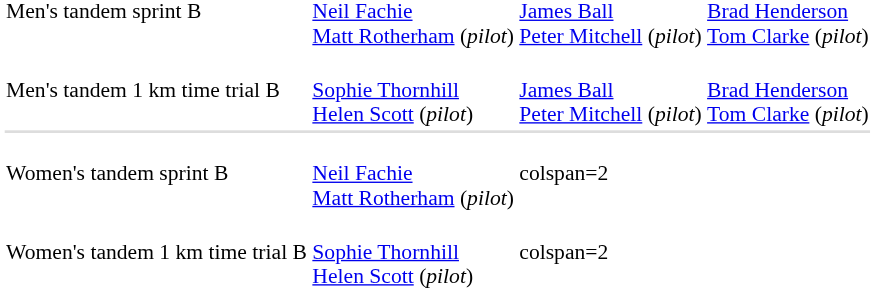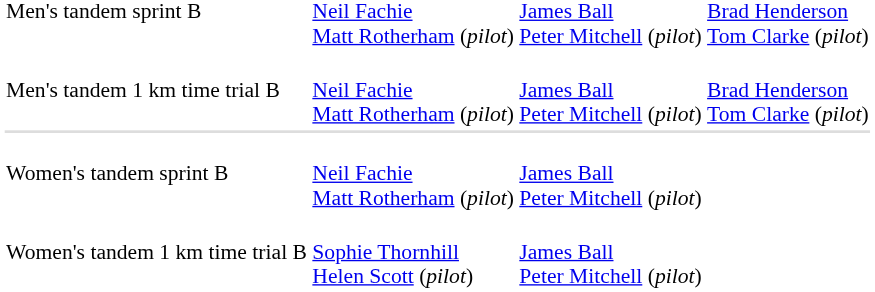 <table>
 <tr>
 <td>Men's tandem sprint B<br></td>
 <td><br><a href='#'>Neil Fachie</a><br><a href='#'>Matt Rotherham</a> (<em>pilot</em>)</td>
 <td><br><a href='#'>James Ball</a><br><a href='#'>Peter Mitchell</a> (<em>pilot</em>)</td>
 <td><br><a href='#'>Brad Henderson</a><br><a href='#'>Tom Clarke</a> (<em>pilot</em>)</td>
 </tr>
 <tr>
 <td>Men's tandem 1 km time trial B<br></td>
-<td><br><a href='#'>Sophie Thornhill</a><br><a href='#'>Helen Scott</a> (<em>pilot</em>)</td>
+<td><br><a href='#'>Neil Fachie</a><br><a href='#'>Matt Rotherham</a> (<em>pilot</em>)</td>
 <td><br><a href='#'>James Ball</a><br><a href='#'>Peter Mitchell</a> (<em>pilot</em>)</td>
 <td><br><a href='#'>Brad Henderson</a><br><a href='#'>Tom Clarke</a> (<em>pilot</em>)</td>
 </tr>
 <tr bgcolor=#DDDDDD>
 <td colspan=4></td>
 </tr>
 <tr>
 <td>Women's tandem sprint B<br></td>
 <td><br><a href='#'>Neil Fachie</a><br><a href='#'>Matt Rotherham</a> (<em>pilot</em>)</td>
-<td>colspan=2 </td>
+<td><br><a href='#'>James Ball</a><br><a href='#'>Peter Mitchell</a> (<em>pilot</em>)</td>
 </tr>
 <tr>
 <td>Women's tandem 1 km time trial B<br></td>
 <td><br><a href='#'>Sophie Thornhill</a><br><a href='#'>Helen Scott</a> (<em>pilot</em>)</td>
-<td>colspan=2 </td>
+<td><br><a href='#'>James Ball</a><br><a href='#'>Peter Mitchell</a> (<em>pilot</em>)</td>
 </tr>
 </table>
